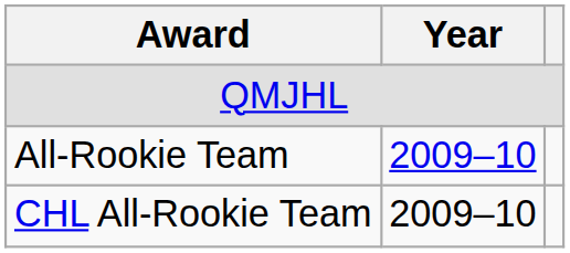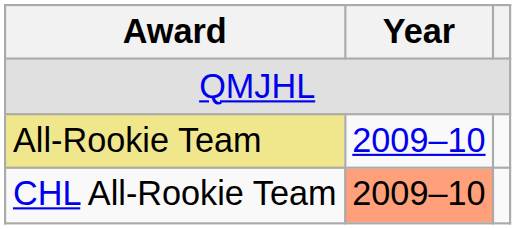 <table class="wikitable">
 <tr>
 <th>Award</th>
 <th>Year</th>
 <th></th>
 </tr>
 <tr ALIGN="center" bgcolor="#e0e0e0">
 <td colspan="3"><a href='#'>QMJHL</a></td>
 </tr>
 <tr>
-<td>All-Rookie Team</td>
+<td style="background: khaki;">All-Rookie Team</td>
 <td><a href='#'>2009–10</a></td>
 <td></td>
 </tr>
 <tr>
 <td><a href='#'>CHL</a> All-Rookie Team</td>
-<td>2009–10</td>
+<td style="background: lightsalmon;">2009–10</td>
 <td></td>
 </tr>
 </table>
